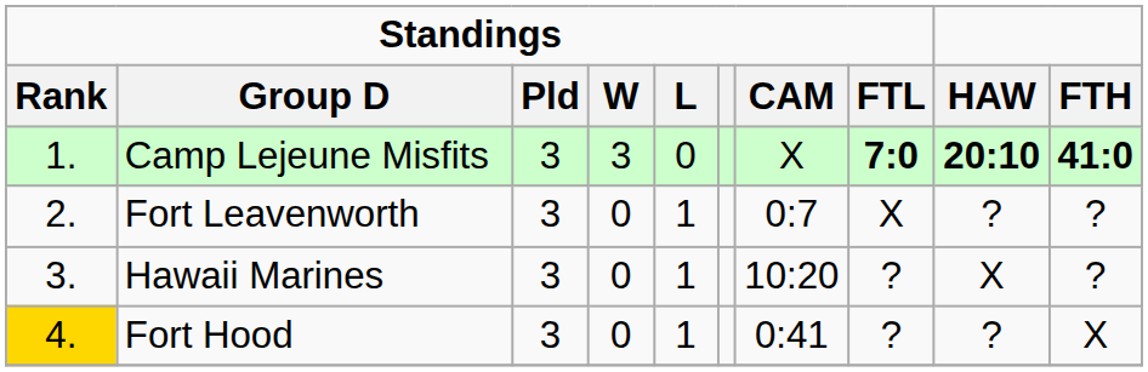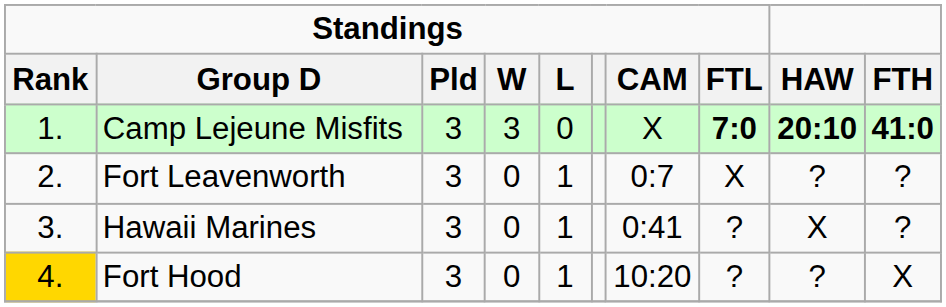 <table class="wikitable">
 <tr>
 <td colspan=8 align=center><strong>Standings</strong></td>
 <td colspan=6></td>
 </tr>
 <tr>
 <th bgcolor="#efefef">Rank</th>
 <th bgcolor="#efefef" width="160">Group D</th>
 <th bgcolor="#efefef" width="20">Pld</th>
 <th bgcolor="#efefef" width="20">W</th>
 <th bgcolor="#efefef" width="20">L</th>
 <th bgcolor="#efefef"></th>
 <th bgcolor="#efefef" width="20">CAM</th>
 <th bgcolor="#efefef" width="20">FTL</th>
 <th bgcolor="#efefef" width="20">HAW</th>
 <th bgcolor="#efefef" width="20">FTH</th>
 </tr>
 <tr align=center bgcolor=#ccffcc>
 <td>1.</td>
 <td align=left>Camp Lejeune Misfits</td>
 <td>3</td>
 <td>3</td>
 <td>0</td>
 <td></td>
 <td>X</td>
 <td><strong>7:0</strong></td>
 <td><strong>20:10</strong></td>
 <td><strong>41:0</strong></td>
 </tr>
 <tr align=center>
 <td>2.</td>
 <td align=left>Fort Leavenworth</td>
 <td>3</td>
 <td>0</td>
 <td>1</td>
 <td></td>
 <td>0:7</td>
 <td>X</td>
 <td>?</td>
 <td>?</td>
 </tr>
 <tr align=center>
 <td>3.</td>
 <td align=left>Hawaii Marines</td>
 <td>3</td>
 <td>0</td>
 <td>1</td>
 <td></td>
-<td>10:20</td>
+<td>0:41</td>
 <td>?</td>
 <td>X</td>
 <td>?</td>
 </tr>
 <tr align=center>
 <td style="background: gold;">4.</td>
 <td align=left>Fort Hood</td>
 <td>3</td>
 <td>0</td>
 <td>1</td>
 <td></td>
-<td>0:41</td>
+<td>10:20</td>
 <td>?</td>
 <td>?</td>
 <td>X</td>
 </tr>
 <tr align=center>
 </tr>
 </table>
